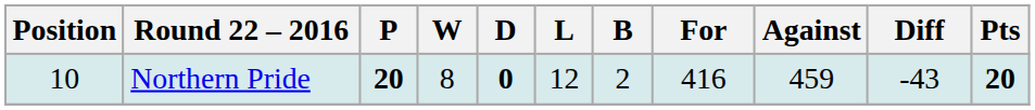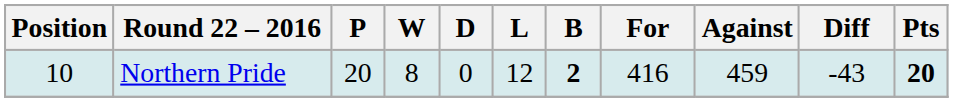 <table class="wikitable" style="text-align:center; font-size:85%;">
 <tr>
 <th width=40 abbr="Position">Position</th>
 <th width=100>Round 22 – 2016</th>
 <th width=20 abbr="Played">P</th>
 <th width=20 abbr="Won">W</th>
 <th width=20 abbr="Drawn">D</th>
 <th width=20 abbr="Lost">L</th>
 <th width=20 abbr="Bye">B</th>
 <th width=40 abbr="Points for">For</th>
 <th width=40 abbr="Points against">Against</th>
 <th width=40 abbr="Points difference">Diff</th>
 <th width=20 abbr="Points">Pts</th>
 </tr>
 <tr style="background: #d7ebed;">
 <td>10</td>
 <td style="text-align:left;"> <a href='#'>Northern Pride</a></td>
-<td><strong>20</strong></td>
+<td>20</td>
 <td>8</td>
-<td><strong>0</strong></td>
+<td>0</td>
 <td>12</td>
-<td>2</td>
+<td><strong>2</strong></td>
 <td>416</td>
 <td>459</td>
 <td>-43</td>
 <td><strong>20</strong></td>
 </tr>
 <tr>
 </tr>
 </table>
